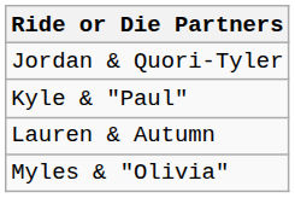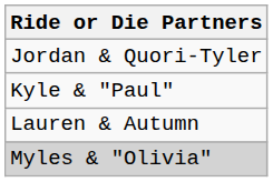 <table class="wikitable">
 <tr>
 <th>Ride or Die Partners</th>
 </tr>
 <tr>
 <td>Jordan & Quori-Tyler</td>
 </tr>
 <tr>
 <td>Kyle & "Paul"</td>
 </tr>
 <tr>
 <td>Lauren & Autumn</td>
 </tr>
 <tr>
-<td>Myles & "Olivia"</td>
+<td style="background: lightgrey;">Myles & "Olivia"</td>
 </tr>
 </table>
